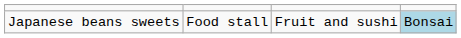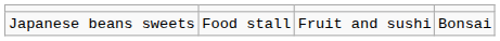 <table class="wikitable">
 <tr>
 <td></td>
 <td></td>
 <td></td>
 <td></td>
 </tr>
 <tr>
 <td>Japanese beans sweets</td>
 <td>Food stall</td>
 <td>Fruit and sushi</td>
-<td style="background: lightblue;">Bonsai</td>
+<td>Bonsai</td>
 </tr>
 </table>
